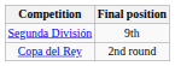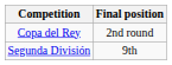 <table class="wikitable" style="font-size:100%; text-align:center">
 <tr>
 <th>Competition</th>
 <th>Final position</th>
 </tr>
 <tr style="background:">
+<td><a href='#'>Copa del Rey</a></td>
+<td>2nd round</td>
+</tr>
+<tr style="background:">
 <td><a href='#'>Segunda División</a></td>
 <td>9th</td>
 </tr>
-<tr style="background:">
-<td><a href='#'>Copa del Rey</a></td>
-<td>2nd round</td>
-</tr>
 </table>
